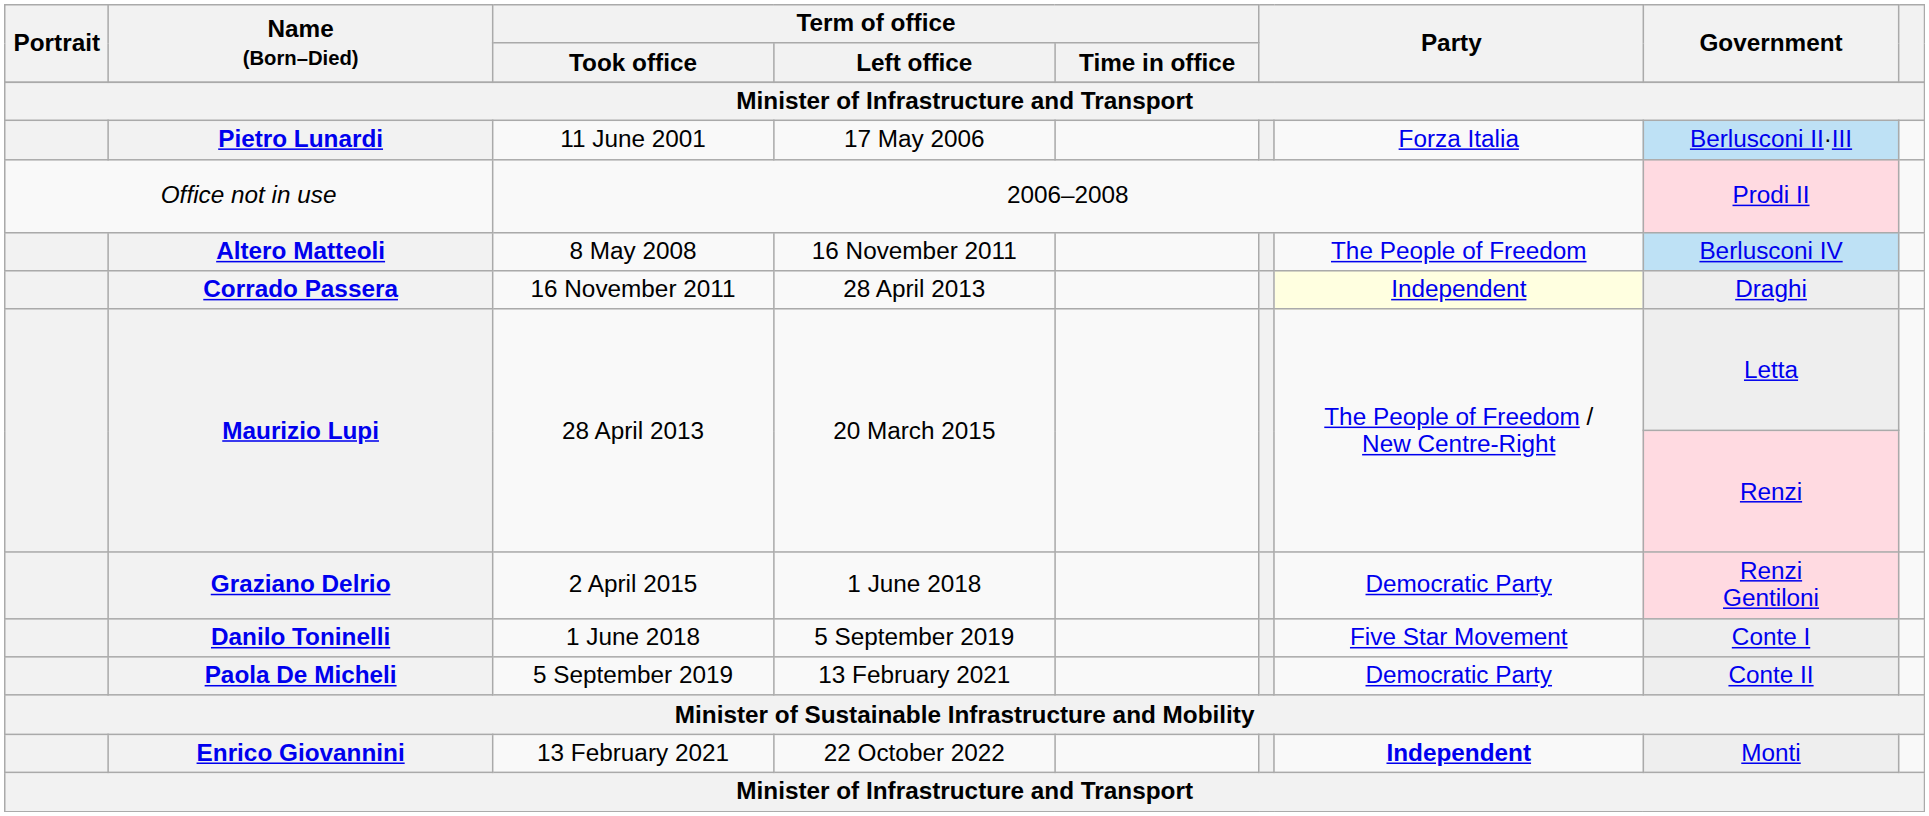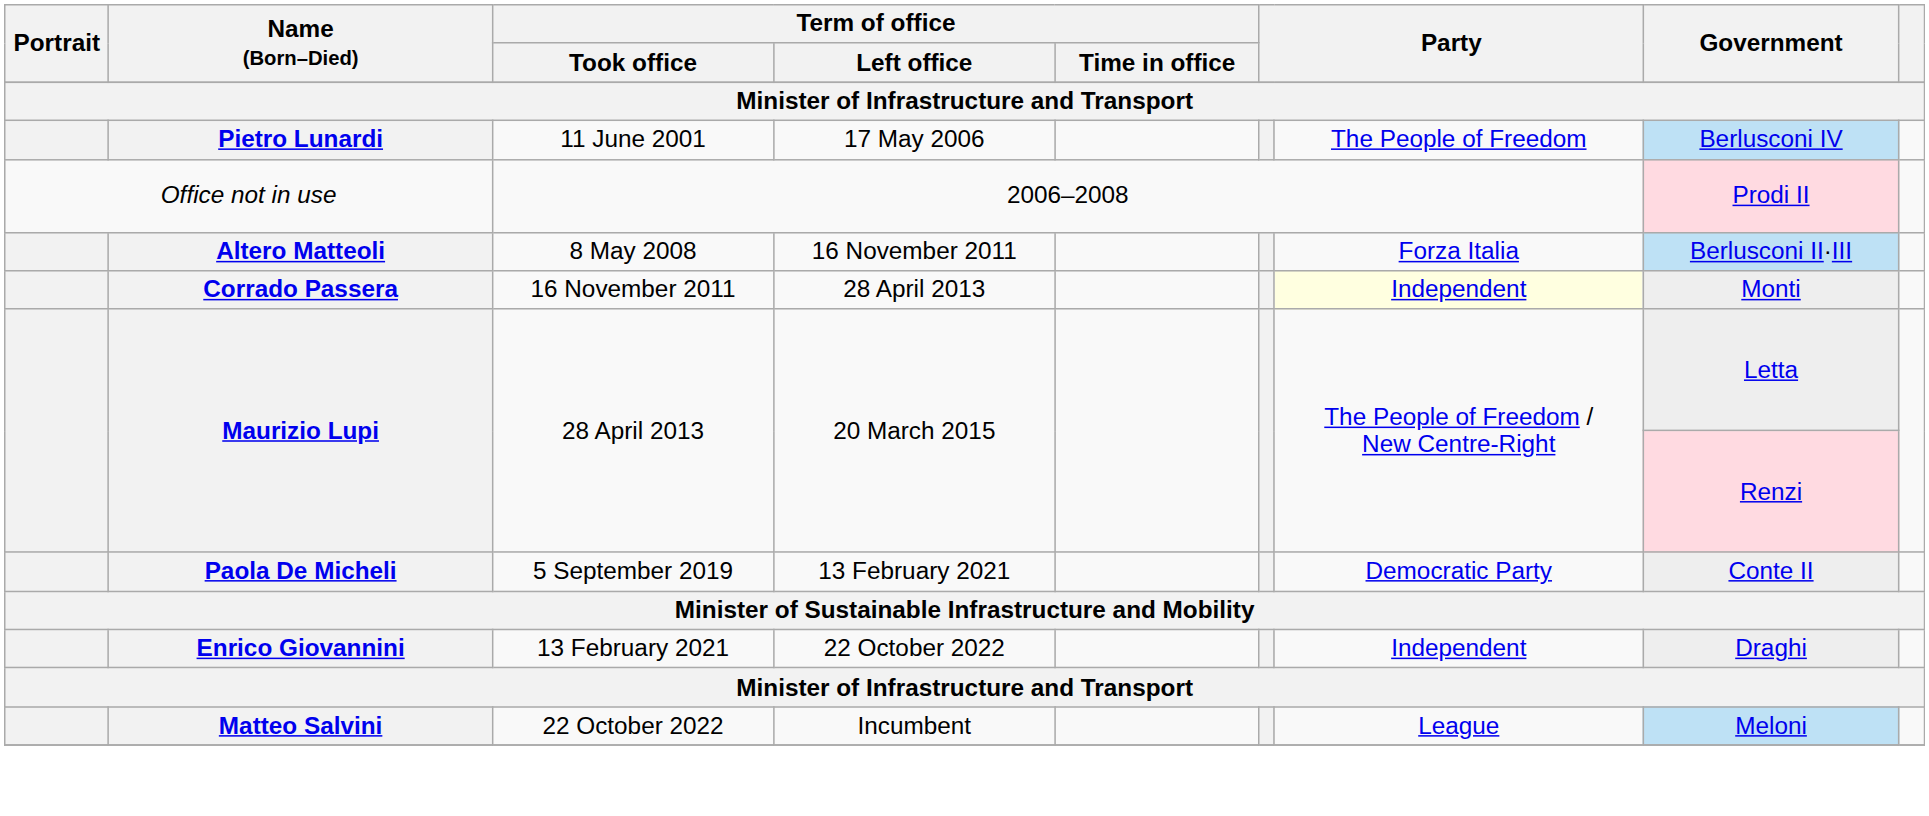 <table class="wikitable" style="text-align:center; style="width=100%">
 <tr>
 <th width=1% rowspan=2>Portrait</th>
 <th width=15% rowspan=2>Name<br><small>(Born–Died)</small></th>
 <th width=30% colspan=3>Term of office</th>
 <th width=15% rowspan=2 colspan=2>Party</th>
 <th width=10% rowspan=2>Government</th>
 <th width=1% rowspan=2></th>
 </tr>
 <tr style="text-align:center;">
 <th width=11%>Took office</th>
 <th width=11%>Left office</th>
 <th width=8%>Time in office</th>
 </tr>
 <tr style="text-align:center;">
 </tr>
 <tr>
 <th colspan=9>Minister of Infrastructure and Transport</th>
 </tr>
 <tr>
 <th></th>
 <th scope="row" style="font-weight:normal"><strong><a href='#'>Pietro Lunardi</a></strong><br></th>
 <td>11 June 2001</td>
 <td>17 May 2006</td>
 <td></td>
 <th style="background:"></th>
-<td><a href='#'>Forza Italia</a></td>
-<td bgcolor=#BEE1F5><a href='#'>Berlusconi II</a>·<a href='#'>III</a></td>
+<td><a href='#'>The People of Freedom</a></td>
+<td bgcolor=#BEE1F5><a href='#'>Berlusconi IV</a></td>
 <td></td>
 </tr>
 <tr style="height:3em;">
 <td colspan=2><em>Office not in use</em></td>
 <td colspan=5 align="center">2006–2008</td>
 <td bgcolor=#FFDAE1><a href='#'>Prodi II</a></td>
 <td></td>
 </tr>
 <tr>
 <th></th>
 <th scope="row" style="font-weight:normal"><strong><a href='#'>Altero Matteoli</a></strong><br></th>
 <td>8 May 2008</td>
 <td>16 November 2011</td>
 <td></td>
 <th style="background:"></th>
-<td><a href='#'>The People of Freedom</a></td>
-<td bgcolor=#BEE1F5><a href='#'>Berlusconi IV</a></td>
+<td><a href='#'>Forza Italia</a></td>
+<td bgcolor=#BEE1F5><a href='#'>Berlusconi II</a>·<a href='#'>III</a></td>
 <td></td>
 </tr>
 <tr>
 <th></th>
 <th scope="row" style="font-weight:normal"><strong><a href='#'>Corrado Passera</a></strong><br></th>
 <td>16 November 2011</td>
 <td>28 April 2013</td>
 <td></td>
 <th style="background:"></th>
 <td style="background: lightyellow;"><a href='#'>Independent</a></td>
-<td bgcolor=#EEEEEE><a href='#'>Draghi</a></td>
+<td bgcolor=#EEEEEE><a href='#'>Monti</a></td>
 <td></td>
 </tr>
 <tr style="height:5em;">
 <th rowspan=2></th>
 <th scope="row" style="font-weight:normal" rowspan=2><strong><a href='#'>Maurizio Lupi</a></strong><br></th>
 <td rowspan=2>28 April 2013</td>
 <td rowspan=2>20 March  2015</td>
 <td rowspan=2></td>
 <th rowspan=2 style="background:"></th>
 <td rowspan=2><a href='#'>The People of Freedom</a> /<br><a href='#'>New Centre-Right</a></td>
 <td bgcolor=#EEEEEE><a href='#'>Letta</a></td>
 <td rowspan=2></td>
 </tr>
 <tr style="height:5em;">
 <td bgcolor=#FFDAE1><a href='#'>Renzi</a></td>
-</tr>
-<tr>
-<th></th>
-<th scope="row" style="font-weight:normal"><strong><a href='#'>Graziano Delrio</a></strong><br></th>
-<td>2 April 2015</td>
-<td>1 June 2018</td>
-<td></td>
-<th style="background:"></th>
-<td><a href='#'>Democratic Party</a></td>
-<td bgcolor=#FFDAE1><a href='#'>Renzi</a><br><a href='#'>Gentiloni</a></td>
-<td></td>
-</tr>
-<tr>
-<th></th>
-<th scope="row" style="font-weight:normal"><strong><a href='#'>Danilo Toninelli</a></strong><br></th>
-<td>1 June 2018</td>
-<td>5 September 2019</td>
-<td></td>
-<th style="background:"></th>
-<td><a href='#'>Five Star Movement</a></td>
-<td bgcolor=#EEEEEE><a href='#'>Conte I</a></td>
-<td></td>
 </tr>
 <tr>
 <th></th>
 <th scope="row" style="font-weight:normal"><strong><a href='#'>Paola De Micheli</a></strong><br></th>
 <td>5 September 2019</td>
 <td>13 February 2021</td>
 <td></td>
 <th style="background:"></th>
 <td><a href='#'>Democratic Party</a></td>
 <td bgcolor=#EEEEEE><a href='#'>Conte II</a></td>
 <td></td>
 </tr>
 <tr>
 <th colspan=9>Minister of Sustainable Infrastructure and Mobility</th>
 </tr>
 <tr>
 <th></th>
 <th scope="row" style="font-weight:normal"><strong><a href='#'>Enrico Giovannini</a></strong><br></th>
 <td>13 February 2021</td>
 <td>22 October 2022</td>
 <td></td>
 <th style="background:"></th>
-<td><strong><a href='#'>Independent</a></strong></td>
-<td bgcolor=#EEEEEE><a href='#'>Monti</a></td>
+<td><a href='#'>Independent</a></td>
+<td bgcolor=#EEEEEE><a href='#'>Draghi</a></td>
 <td></td>
 </tr>
 <tr>
 <th colspan=9>Minister of Infrastructure and Transport</th>
 </tr>
 <tr>
+<th></th>
+<th scope="row" style="font-weight:normal"><strong><a href='#'>Matteo Salvini</a></strong><br></th>
+<td>22 October 2022</td>
+<td>Incumbent</td>
+<td></td>
+<th style="background:"></th>
+<td><a href='#'>League</a></td>
+<td bgcolor=#BEE1F5><a href='#'>Meloni</a></td>
+<td></td>
+</tr>
+<tr>
 </tr>
 </table>
